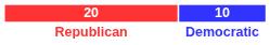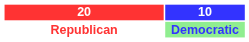 <table style="width:50%">
 <tr>
 <td scope="row" colspan="3" style="text-align:center"></td>
 </tr>
 <tr>
 <td scope="row" style="background:#F33; width:66.6%; text-align:center; color:white"><strong>20</strong></td>
 <td style="background:#33F; width:33.3%; text-align:center; color:white"><strong>10</strong></td>
 </tr>
 <tr>
 <td scope="row" style="text-align:center; color:#F33"><strong>Republican</strong></td>
-<td style="text-align:center; color:#33F"><strong>Democratic</strong></td>
+<td style="background: lightgreen; text-align:center; color:#33F"><strong>Democratic</strong></td>
 </tr>
 </table>
